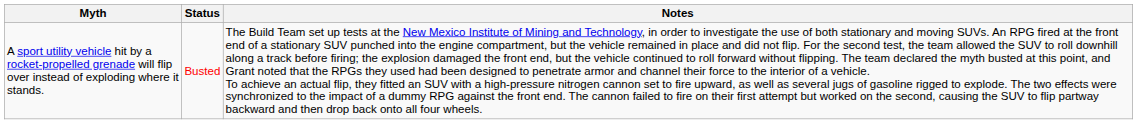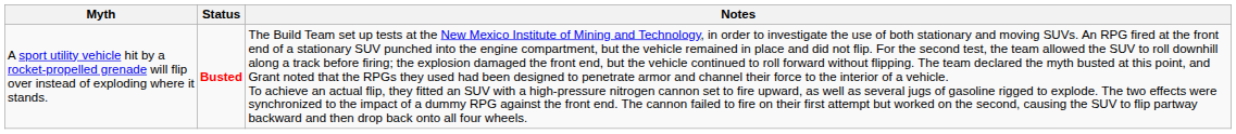 <table class="wikitable plainrowheaders">
 <tr>
 <th scope"col">Myth</th>
 <th scope"col">Status</th>
 <th scope"col">Notes</th>
 </tr>
 <tr>
 <td scope"row">A <a href='#'>sport utility vehicle</a> hit by a <a href='#'>rocket-propelled grenade</a> will flip over instead of exploding where it stands.</td>
-<td style="color:red">Busted</td>
+<td style="color:red"><strong>Busted</strong></td>
 <td>The Build Team set up tests at the <a href='#'>New Mexico Institute of Mining and Technology</a>, in order to investigate the use of both stationary and moving SUVs. An RPG fired at the front end of a stationary SUV punched into the engine compartment, but the vehicle remained in place and did not flip. For the second test, the team allowed the SUV to roll downhill along a track before firing; the explosion damaged the front end, but the vehicle continued to roll forward without flipping. The team declared the myth busted at this point, and Grant noted that the RPGs they used had been designed to penetrate armor and channel their force to the interior of a vehicle.<br>To achieve an actual flip, they fitted an SUV with a high-pressure nitrogen cannon set to fire upward, as well as several jugs of gasoline rigged to explode. The two effects were synchronized to the impact of a dummy RPG against the front end. The cannon failed to fire on their first attempt but worked on the second, causing the SUV to flip partway backward and then drop back onto all four wheels.</td>
 </tr>
 </table>
